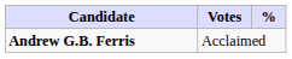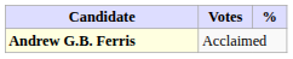 <table class="wikitable">
 <tr>
 <th style="background:#ddf; width:200px;">Candidate</th>
 <th style="background:#ddf; width:50px;">Votes</th>
 <th style="background:#ddf; width:30px;">%</th>
 </tr>
 <tr>
-<td><strong>Andrew G.B. Ferris</strong></td>
+<td style="background: lightyellow;"><strong>Andrew G.B. Ferris</strong></td>
 <td colspan="2">Acclaimed</td>
 </tr>
 </table>
